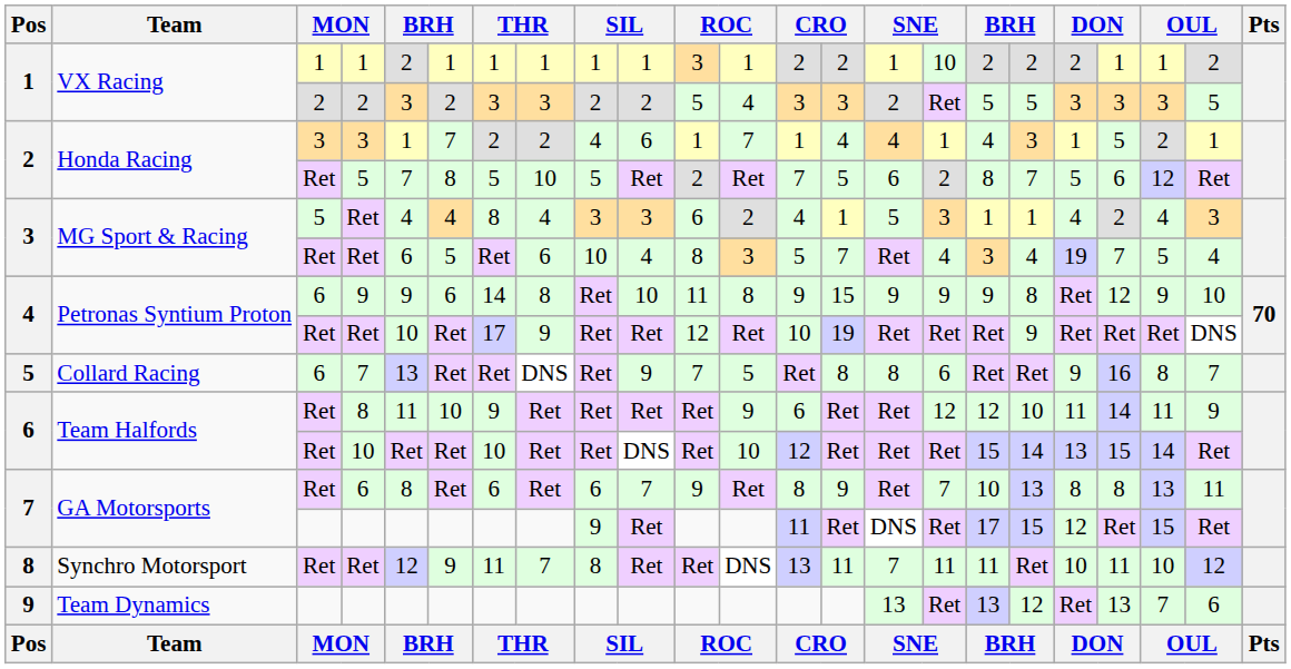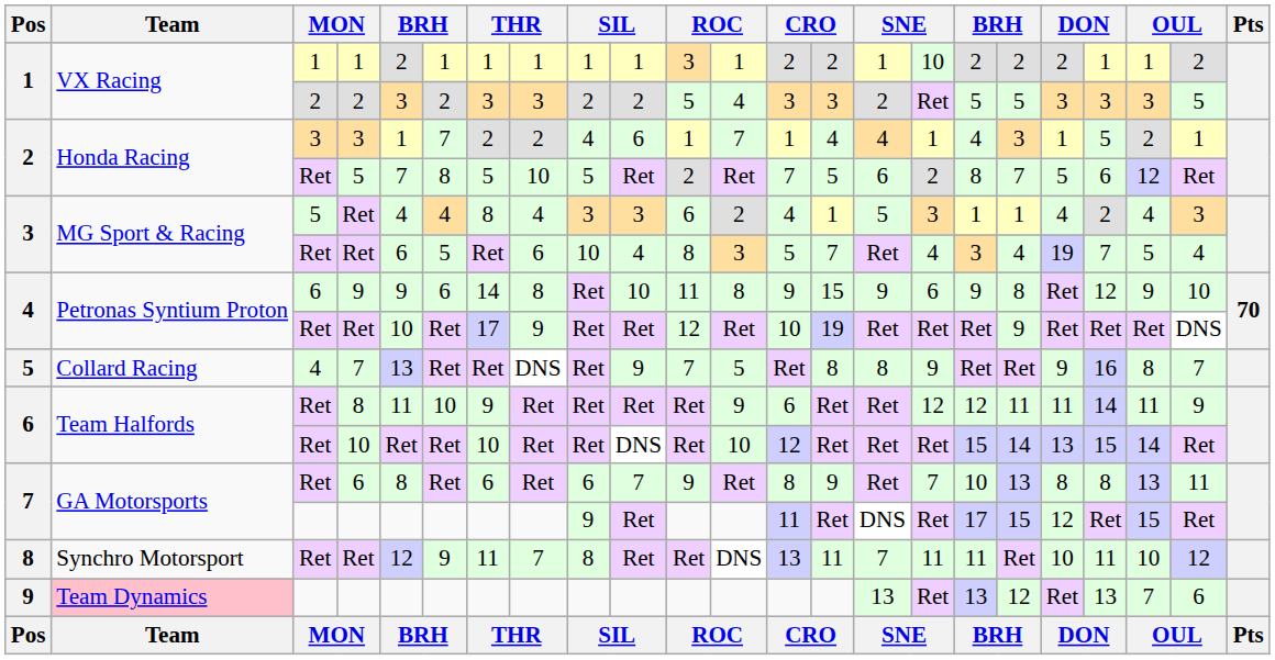 <table class="wikitable" style="font-size: 85%; text-align: center;">
 <tr valign="top">
 <th valign="middle">Pos</th>
 <th valign="middle">Team</th>
 <th colspan="2"><a href='#'>MON</a></th>
 <th colspan="2"><a href='#'>BRH</a></th>
 <th colspan="2"><a href='#'>THR</a></th>
 <th colspan="2"><a href='#'>SIL</a></th>
 <th colspan="2"><a href='#'>ROC</a></th>
 <th colspan="2"><a href='#'>CRO</a></th>
 <th colspan="2"><a href='#'>SNE</a></th>
 <th colspan="2"><a href='#'>BRH</a></th>
 <th colspan="2"><a href='#'>DON</a></th>
 <th colspan="2"><a href='#'>OUL</a></th>
 <th valign=middle>Pts</th>
 </tr>
 <tr>
 <th rowspan=2>1</th>
 <td rowspan=2 align=left><a href='#'>VX Racing</a></td>
 <td style="background:#FFFFBF;">1</td>
 <td style="background:#FFFFBF;">1</td>
 <td style="background:#DFDFDF;">2</td>
 <td style="background:#FFFFBF;">1</td>
 <td style="background:#FFFFBF;">1</td>
 <td style="background:#FFFFBF;">1</td>
 <td style="background:#FFFFBF;">1</td>
 <td style="background:#FFFFBF;">1</td>
 <td style="background:#FFDF9F;">3</td>
 <td style="background:#FFFFBF;">1</td>
 <td style="background:#DFDFDF;">2</td>
 <td style="background:#DFDFDF;">2</td>
 <td style="background:#FFFFBF;">1</td>
 <td style="background:#DFFFDF;">10</td>
 <td style="background:#DFDFDF;">2</td>
 <td style="background:#DFDFDF;">2</td>
 <td style="background:#DFDFDF;">2</td>
 <td style="background:#FFFFBF;">1</td>
 <td style="background:#FFFFBF;">1</td>
 <td style="background:#DFDFDF;">2</td>
 <th rowspan=2></th>
 </tr>
 <tr>
 <td style="background:#DFDFDF;">2</td>
 <td style="background:#DFDFDF;">2</td>
 <td style="background:#FFDF9F;">3</td>
 <td style="background:#DFDFDF;">2</td>
 <td style="background:#FFDF9F;">3</td>
 <td style="background:#FFDF9F;">3</td>
 <td style="background:#DFDFDF;">2</td>
 <td style="background:#DFDFDF;">2</td>
 <td style="background:#DFFFDF;">5</td>
 <td style="background:#DFFFDF;">4</td>
 <td style="background:#FFDF9F;">3</td>
 <td style="background:#FFDF9F;">3</td>
 <td style="background:#DFDFDF;">2</td>
 <td style="background:#EFCFFF;">Ret</td>
 <td style="background:#DFFFDF;">5</td>
 <td style="background:#DFFFDF;">5</td>
 <td style="background:#FFDF9F;">3</td>
 <td style="background:#FFDF9F;">3</td>
 <td style="background:#FFDF9F;">3</td>
 <td style="background:#DFFFDF;">5</td>
 </tr>
 <tr>
 <th rowspan=2>2</th>
 <td rowspan=2 align=left><a href='#'>Honda Racing</a></td>
 <td style="background:#FFDF9F;">3</td>
 <td style="background:#FFDF9F;">3</td>
 <td style="background:#FFFFBF;">1</td>
 <td style="background:#DFFFDF;">7</td>
 <td style="background:#DFDFDF;">2</td>
 <td style="background:#DFDFDF;">2</td>
 <td style="background:#DFFFDF;">4</td>
 <td style="background:#DFFFDF;">6</td>
 <td style="background:#FFFFBF;">1</td>
 <td style="background:#DFFFDF;">7</td>
 <td style="background:#FFFFBF;">1</td>
 <td style="background:#DFFFDF;">4</td>
 <td style="background:#FFDF9F;">4</td>
 <td style="background:#FFFFBF;">1</td>
 <td style="background:#DFFFDF;">4</td>
 <td style="background:#FFDF9F;">3</td>
 <td style="background:#FFFFBF;">1</td>
 <td style="background:#DFFFDF;">5</td>
 <td style="background:#DFDFDF;">2</td>
 <td style="background:#FFFFBF;">1</td>
 <th rowspan=2></th>
 </tr>
 <tr>
 <td style="background:#EFCFFF;">Ret</td>
 <td style="background:#DFFFDF;">5</td>
 <td style="background:#DFFFDF;">7</td>
 <td style="background:#DFFFDF;">8</td>
 <td style="background:#DFFFDF;">5</td>
 <td style="background:#DFFFDF;">10</td>
 <td style="background:#DFFFDF;">5</td>
 <td style="background:#EFCFFF;">Ret</td>
 <td style="background:#DFDFDF;">2</td>
 <td style="background:#EFCFFF;">Ret</td>
 <td style="background:#DFFFDF;">7</td>
 <td style="background:#DFFFDF;">5</td>
 <td style="background:#DFFFDF;">6</td>
 <td style="background:#DFDFDF;">2</td>
 <td style="background:#DFFFDF;">8</td>
 <td style="background:#DFFFDF;">7</td>
 <td style="background:#DFFFDF;">5</td>
 <td style="background:#DFFFDF;">6</td>
 <td style="background:#CFCFFF;">12</td>
 <td style="background:#EFCFFF;">Ret</td>
 </tr>
 <tr>
 <th rowspan=2>3</th>
 <td rowspan=2 align=left><a href='#'>MG Sport & Racing</a></td>
 <td style="background:#DFFFDF;">5</td>
 <td style="background:#EFCFFF;">Ret</td>
 <td style="background:#DFFFDF;">4</td>
 <td style="background:#FFDF9F;">4</td>
 <td style="background:#DFFFDF;">8</td>
 <td style="background:#DFFFDF;">4</td>
 <td style="background:#FFDF9F;">3</td>
 <td style="background:#FFDF9F;">3</td>
 <td style="background:#DFFFDF;">6</td>
 <td style="background:#DFDFDF;">2</td>
 <td style="background:#DFFFDF;">4</td>
 <td style="background:#FFFFBF;">1</td>
 <td style="background:#DFFFDF;">5</td>
 <td style="background:#FFDF9F;">3</td>
 <td style="background:#FFFFBF;">1</td>
 <td style="background:#FFFFBF;">1</td>
 <td style="background:#DFFFDF;">4</td>
 <td style="background:#DFDFDF;">2</td>
 <td style="background:#DFFFDF;">4</td>
 <td style="background:#FFDF9F;">3</td>
 <th rowspan=2></th>
 </tr>
 <tr>
 <td style="background:#EFCFFF;">Ret</td>
 <td style="background:#EFCFFF;">Ret</td>
 <td style="background:#DFFFDF;">6</td>
 <td style="background:#DFFFDF;">5</td>
 <td style="background:#EFCFFF;">Ret</td>
 <td style="background:#DFFFDF;">6</td>
 <td style="background:#DFFFDF;">10</td>
 <td style="background:#DFFFDF;">4</td>
 <td style="background:#DFFFDF;">8</td>
 <td style="background:#FFDF9F;">3</td>
 <td style="background:#DFFFDF;">5</td>
 <td style="background:#DFFFDF;">7</td>
 <td style="background:#EFCFFF;">Ret</td>
 <td style="background:#DFFFDF;">4</td>
 <td style="background:#FFDF9F;">3</td>
 <td style="background:#DFFFDF;">4</td>
 <td style="background:#CFCFFF;">19</td>
 <td style="background:#DFFFDF;">7</td>
 <td style="background:#DFFFDF;">5</td>
 <td style="background:#DFFFDF;">4</td>
 </tr>
 <tr>
 <th rowspan=2>4</th>
 <td rowspan=2 align=left nowrap><a href='#'>Petronas Syntium Proton</a></td>
 <td style="background:#DFFFDF;">6</td>
 <td style="background:#DFFFDF;">9</td>
 <td style="background:#DFFFDF;">9</td>
 <td style="background:#DFFFDF;">6</td>
 <td style="background:#DFFFDF;">14</td>
 <td style="background:#DFFFDF;">8</td>
 <td style="background:#EFCFFF;">Ret</td>
 <td style="background:#DFFFDF;">10</td>
 <td style="background:#DFFFDF;">11</td>
 <td style="background:#DFFFDF;">8</td>
 <td style="background:#DFFFDF;">9</td>
 <td style="background:#DFFFDF;">15</td>
 <td style="background:#DFFFDF;">9</td>
-<td style="background:#DFFFDF;">9</td>
+<td style="background:#DFFFDF;">6</td>
 <td style="background:#DFFFDF;">9</td>
 <td style="background:#DFFFDF;">8</td>
 <td style="background:#EFCFFF;">Ret</td>
 <td style="background:#DFFFDF;">12</td>
 <td style="background:#DFFFDF;">9</td>
 <td style="background:#DFFFDF;">10</td>
 <th rowspan=2>70</th>
 </tr>
 <tr>
 <td style="background:#EFCFFF;">Ret</td>
 <td style="background:#EFCFFF;">Ret</td>
 <td style="background:#DFFFDF;">10</td>
 <td style="background:#EFCFFF;">Ret</td>
 <td style="background:#CFCFFF;">17</td>
 <td style="background:#DFFFDF;">9</td>
 <td style="background:#EFCFFF;">Ret</td>
 <td style="background:#EFCFFF;">Ret</td>
 <td style="background:#DFFFDF;">12</td>
 <td style="background:#EFCFFF;">Ret</td>
 <td style="background:#DFFFDF;">10</td>
 <td style="background:#CFCFFF;">19</td>
 <td style="background:#EFCFFF;">Ret</td>
 <td style="background:#EFCFFF;">Ret</td>
 <td style="background:#EFCFFF;">Ret</td>
 <td style="background:#DFFFDF;">9</td>
 <td style="background:#EFCFFF;">Ret</td>
 <td style="background:#EFCFFF;">Ret</td>
 <td style="background:#EFCFFF;">Ret</td>
 <td style="background:#FFFFFF;">DNS</td>
 </tr>
 <tr>
 <th>5</th>
 <td align=left><a href='#'>Collard Racing</a></td>
-<td style="background:#DFFFDF;">6</td>
+<td style="background:#DFFFDF;">4</td>
 <td style="background:#DFFFDF;">7</td>
 <td style="background:#CFCFFF;">13</td>
 <td style="background:#EFCFFF;">Ret</td>
 <td style="background:#EFCFFF;">Ret</td>
 <td style="background:#FFFFFF;">DNS</td>
 <td style="background:#EFCFFF;">Ret</td>
 <td style="background:#DFFFDF;">9</td>
 <td style="background:#DFFFDF;">7</td>
 <td style="background:#DFFFDF;">5</td>
 <td style="background:#EFCFFF;">Ret</td>
 <td style="background:#DFFFDF;">8</td>
 <td style="background:#DFFFDF;">8</td>
-<td style="background:#DFFFDF;">6</td>
+<td style="background:#DFFFDF;">9</td>
 <td style="background:#EFCFFF;">Ret</td>
 <td style="background:#EFCFFF;">Ret</td>
 <td style="background:#DFFFDF;">9</td>
 <td style="background:#CFCFFF;">16</td>
 <td style="background:#DFFFDF;">8</td>
 <td style="background:#DFFFDF;">7</td>
 <th></th>
 </tr>
 <tr>
 <th rowspan=2>6</th>
 <td rowspan=2 align=left><a href='#'>Team Halfords</a></td>
 <td style="background:#EFCFFF;">Ret</td>
 <td style="background:#DFFFDF;">8</td>
 <td style="background:#DFFFDF;">11</td>
 <td style="background:#DFFFDF;">10</td>
 <td style="background:#DFFFDF;">9</td>
 <td style="background:#EFCFFF;">Ret</td>
 <td style="background:#EFCFFF;">Ret</td>
 <td style="background:#EFCFFF;">Ret</td>
 <td style="background:#EFCFFF;">Ret</td>
 <td style="background:#DFFFDF;">9</td>
 <td style="background:#DFFFDF;">6</td>
 <td style="background:#EFCFFF;">Ret</td>
 <td style="background:#EFCFFF;">Ret</td>
 <td style="background:#DFFFDF;">12</td>
 <td style="background:#DFFFDF;">12</td>
-<td style="background:#DFFFDF;">10</td>
+<td style="background:#DFFFDF;">11</td>
 <td style="background:#DFFFDF;">11</td>
 <td style="background:#CFCFFF;">14</td>
 <td style="background:#DFFFDF;">11</td>
 <td style="background:#DFFFDF;">9</td>
 <th rowspan=2></th>
 </tr>
 <tr>
 <td style="background:#EFCFFF;">Ret</td>
 <td style="background:#DFFFDF;">10</td>
 <td style="background:#EFCFFF;">Ret</td>
 <td style="background:#EFCFFF;">Ret</td>
 <td style="background:#DFFFDF;">10</td>
 <td style="background:#EFCFFF;">Ret</td>
 <td style="background:#EFCFFF;">Ret</td>
 <td style="background:#FFFFFF;">DNS</td>
 <td style="background:#EFCFFF;">Ret</td>
 <td style="background:#DFFFDF;">10</td>
 <td style="background:#CFCFFF;">12</td>
 <td style="background:#EFCFFF;">Ret</td>
 <td style="background:#EFCFFF;">Ret</td>
 <td style="background:#EFCFFF;">Ret</td>
 <td style="background:#CFCFFF;">15</td>
 <td style="background:#CFCFFF;">14</td>
 <td style="background:#CFCFFF;">13</td>
 <td style="background:#CFCFFF;">15</td>
 <td style="background:#CFCFFF;">14</td>
 <td style="background:#EFCFFF;">Ret</td>
 </tr>
 <tr>
 <th rowspan=2>7</th>
 <td rowspan=2 align=left><a href='#'>GA Motorsports</a></td>
 <td style="background:#EFCFFF;">Ret</td>
 <td style="background:#DFFFDF;">6</td>
 <td style="background:#DFFFDF;">8</td>
 <td style="background:#EFCFFF;">Ret</td>
 <td style="background:#DFFFDF;">6</td>
 <td style="background:#EFCFFF;">Ret</td>
 <td style="background:#DFFFDF;">6</td>
 <td style="background:#DFFFDF;">7</td>
 <td style="background:#DFFFDF;">9</td>
 <td style="background:#EFCFFF;">Ret</td>
 <td style="background:#DFFFDF;">8</td>
 <td style="background:#DFFFDF;">9</td>
 <td style="background:#EFCFFF;">Ret</td>
 <td style="background:#DFFFDF;">7</td>
 <td style="background:#DFFFDF;">10</td>
 <td style="background:#CFCFFF;">13</td>
 <td style="background:#DFFFDF;">8</td>
 <td style="background:#DFFFDF;">8</td>
 <td style="background:#CFCFFF;">13</td>
 <td style="background:#DFFFDF;">11</td>
 <th rowspan=2></th>
 </tr>
 <tr>
 <td></td>
 <td></td>
 <td></td>
 <td></td>
 <td></td>
 <td></td>
 <td style="background:#DFFFDF;">9</td>
 <td style="background:#EFCFFF;">Ret</td>
 <td></td>
 <td></td>
 <td style="background:#CFCFFF;">11</td>
 <td style="background:#EFCFFF;">Ret</td>
 <td style="background:#FFFFFF;">DNS</td>
 <td style="background:#EFCFFF;">Ret</td>
 <td style="background:#CFCFFF;">17</td>
 <td style="background:#CFCFFF;">15</td>
 <td style="background:#DFFFDF;">12</td>
 <td style="background:#EFCFFF;">Ret</td>
 <td style="background:#CFCFFF;">15</td>
 <td style="background:#EFCFFF;">Ret</td>
 </tr>
 <tr>
 <th>8</th>
 <td align=left>Synchro Motorsport</td>
 <td style="background:#EFCFFF;">Ret</td>
 <td style="background:#EFCFFF;">Ret</td>
 <td style="background:#CFCFFF;">12</td>
 <td style="background:#DFFFDF;">9</td>
 <td style="background:#DFFFDF;">11</td>
 <td style="background:#DFFFDF;">7</td>
 <td style="background:#DFFFDF;">8</td>
 <td style="background:#EFCFFF;">Ret</td>
 <td style="background:#EFCFFF;">Ret</td>
 <td style="background:#FFFFFF;">DNS</td>
 <td style="background:#CFCFFF;">13</td>
 <td style="background:#DFFFDF;">11</td>
 <td style="background:#DFFFDF;">7</td>
 <td style="background:#DFFFDF;">11</td>
 <td style="background:#DFFFDF;">11</td>
 <td style="background:#EFCFFF;">Ret</td>
 <td style="background:#DFFFDF;">10</td>
 <td style="background:#DFFFDF;">11</td>
 <td style="background:#DFFFDF;">10</td>
 <td style="background:#CFCFFF;">12</td>
 <th></th>
 </tr>
 <tr>
 <th>9</th>
-<td align=left><a href='#'>Team Dynamics</a></td>
+<td align=left style="background: pink;"><a href='#'>Team Dynamics</a></td>
 <td></td>
 <td></td>
 <td></td>
 <td></td>
 <td></td>
 <td></td>
 <td></td>
 <td></td>
 <td></td>
 <td></td>
 <td></td>
 <td></td>
 <td style="background:#DFFFDF;">13</td>
 <td style="background:#EFCFFF;">Ret</td>
 <td style="background:#CFCFFF;">13</td>
 <td style="background:#DFFFDF;">12</td>
 <td style="background:#EFCFFF;">Ret</td>
 <td style="background:#DFFFDF;">13</td>
 <td style="background:#DFFFDF;">7</td>
 <td style="background:#DFFFDF;">6</td>
 <th></th>
 </tr>
 <tr>
 <th valign="middle">Pos</th>
 <th valign="middle">Team</th>
 <th colspan="2"><a href='#'>MON</a></th>
 <th colspan="2"><a href='#'>BRH</a></th>
 <th colspan="2"><a href='#'>THR</a></th>
 <th colspan="2"><a href='#'>SIL</a></th>
 <th colspan="2"><a href='#'>ROC</a></th>
 <th colspan="2"><a href='#'>CRO</a></th>
 <th colspan="2"><a href='#'>SNE</a></th>
 <th colspan="2"><a href='#'>BRH</a></th>
 <th colspan="2"><a href='#'>DON</a></th>
 <th colspan="2"><a href='#'>OUL</a></th>
 <th valign=middle>Pts</th>
 </tr>
 </table>
